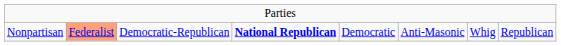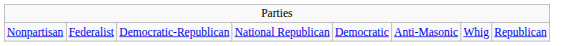 <table class="wikitable">
 <tr>
 <td style="text-align:center;" colspan="8">Parties</td>
 </tr>
 <tr>
 <td><a href='#'>Nonpartisan</a></td>
-<td style="background: lightsalmon;"><a href='#'>Federalist</a></td>
+<td><a href='#'>Federalist</a></td>
 <td><a href='#'>Democratic-Republican</a></td>
-<td><strong><a href='#'>National Republican</a></strong></td>
+<td><a href='#'>National Republican</a></td>
 <td><a href='#'>Democratic</a></td>
 <td><a href='#'>Anti-Masonic</a></td>
 <td><a href='#'>Whig</a></td>
 <td><a href='#'>Republican</a></td>
 </tr>
 </table>
